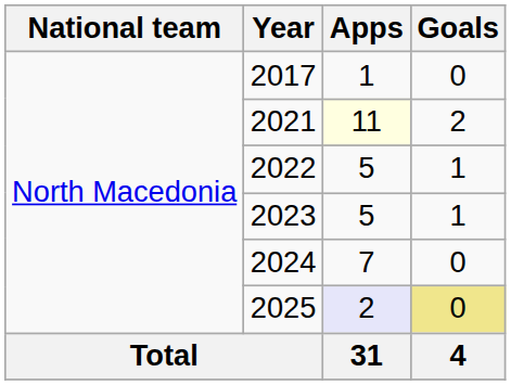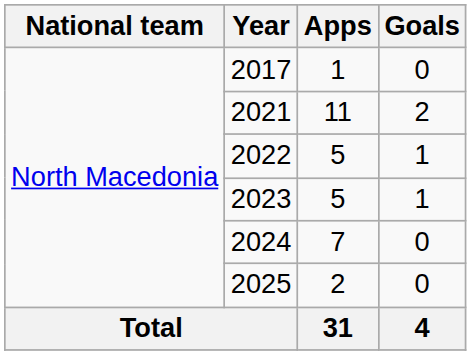 <table class="wikitable" style="text-align:center">
 <tr>
 <th>National team</th>
 <th>Year</th>
 <th>Apps</th>
 <th>Goals</th>
 </tr>
 <tr>
 <td rowspan="6"><a href='#'>North Macedonia</a></td>
 <td>2017</td>
 <td>1</td>
 <td>0</td>
 </tr>
 <tr>
 <td>2021</td>
-<td style="background: lightyellow;">11</td>
+<td>11</td>
 <td>2</td>
 </tr>
 <tr>
 <td>2022</td>
 <td>5</td>
 <td>1</td>
 </tr>
 <tr>
 <td>2023</td>
 <td>5</td>
 <td>1</td>
 </tr>
 <tr>
 <td>2024</td>
 <td>7</td>
 <td>0</td>
 </tr>
 <tr>
 <td>2025</td>
-<td style="background: lavender;">2</td>
-<td style="background: khaki;">0</td>
+<td>2</td>
+<td>0</td>
 </tr>
 <tr>
 <th colspan="2">Total</th>
 <th>31</th>
 <th>4</th>
 </tr>
 </table>
